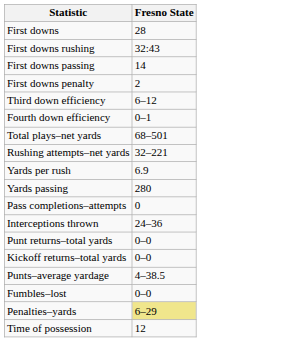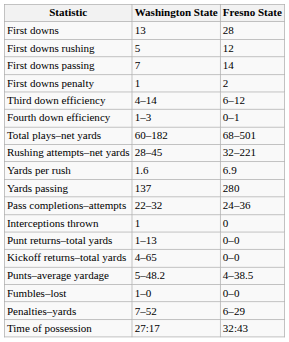 <table class="wikitable">
 <tr>
 <th>Statistic</th>
+<th><strong>Washington State</strong></th>
 <th><strong>Fresno State</strong></th>
 </tr>
 <tr>
 <td>First downs</td>
+<td>13</td>
 <td>28</td>
 </tr>
 <tr>
 <td>First downs rushing</td>
-<td>32:43</td>
+<td>5</td>
+<td>12</td>
 </tr>
 <tr>
 <td>First downs passing</td>
+<td>7</td>
 <td>14</td>
 </tr>
 <tr>
 <td>First downs penalty</td>
+<td>1</td>
 <td>2</td>
 </tr>
 <tr>
 <td>Third down efficiency</td>
+<td>4–14</td>
 <td>6–12</td>
 </tr>
 <tr>
 <td>Fourth down efficiency</td>
+<td>1–3</td>
 <td>0–1</td>
 </tr>
 <tr>
 <td>Total plays–net yards</td>
+<td>60–182</td>
 <td>68–501</td>
 </tr>
 <tr>
 <td>Rushing attempts–net yards</td>
+<td>28–45</td>
 <td>32–221</td>
 </tr>
 <tr>
 <td>Yards per rush</td>
+<td>1.6</td>
 <td>6.9</td>
 </tr>
 <tr>
 <td>Yards passing</td>
+<td>137</td>
 <td>280</td>
 </tr>
 <tr>
 <td>Pass completions–attempts</td>
+<td>22–32</td>
+<td>24–36</td>
+</tr>
+<tr>
+<td>Interceptions thrown</td>
+<td>1</td>
 <td>0</td>
 </tr>
 <tr>
-<td>Interceptions thrown</td>
-<td>24–36</td>
-</tr>
-<tr>
 <td>Punt returns–total yards</td>
+<td>1–13</td>
 <td>0–0</td>
 </tr>
 <tr>
 <td>Kickoff returns–total yards</td>
+<td>4–65</td>
 <td>0–0</td>
 </tr>
 <tr>
 <td>Punts–average yardage</td>
+<td>5–48.2</td>
 <td>4–38.5</td>
 </tr>
 <tr>
 <td>Fumbles–lost</td>
+<td>1–0</td>
 <td>0–0</td>
 </tr>
 <tr>
 <td>Penalties–yards</td>
-<td style="background: khaki;">6–29</td>
+<td>7–52</td>
+<td>6–29</td>
 </tr>
 <tr>
 <td>Time of possession</td>
-<td>12</td>
+<td>27:17</td>
+<td>32:43</td>
 </tr>
 </table>
